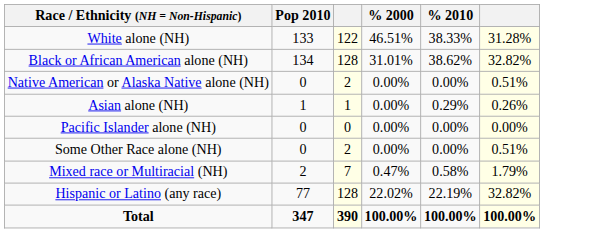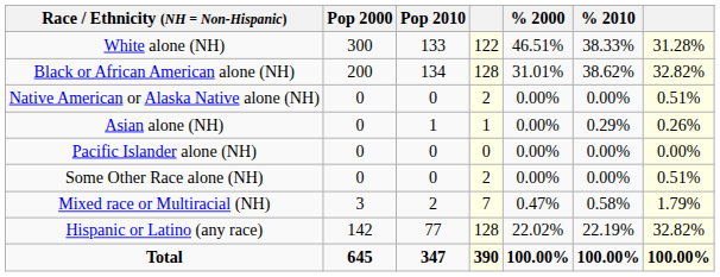 <table class="wikitable" style="text-align:center;">
 <tr>
 <th>Race / Ethnicity <small>(<em>NH = Non-Hispanic</em>)</small></th>
+<th>Pop 2000</th>
 <th>Pop 2010</th>
 <th></th>
 <th>% 2000</th>
 <th>% 2010</th>
 <th></th>
 </tr>
 <tr>
 <td><a href='#'>White</a> alone (NH)</td>
+<td>300</td>
 <td>133</td>
 <td style='background: #ffffe6;'>122</td>
 <td>46.51%</td>
 <td>38.33%</td>
 <td style='background: #ffffe6;'>31.28%</td>
 </tr>
 <tr>
 <td><a href='#'>Black or African American</a> alone (NH)</td>
+<td>200</td>
 <td>134</td>
 <td style='background: #ffffe6;'>128</td>
 <td>31.01%</td>
 <td>38.62%</td>
 <td style='background: #ffffe6;'>32.82%</td>
 </tr>
 <tr>
 <td><a href='#'>Native American</a> or <a href='#'>Alaska Native</a> alone (NH)</td>
 <td>0</td>
+<td>0</td>
 <td style='background: #ffffe6;'>2</td>
 <td>0.00%</td>
 <td>0.00%</td>
 <td style='background: #ffffe6;'>0.51%</td>
 </tr>
 <tr>
 <td><a href='#'>Asian</a> alone (NH)</td>
+<td>0</td>
 <td>1</td>
 <td style='background: #ffffe6;'>1</td>
 <td>0.00%</td>
 <td>0.29%</td>
 <td style='background: #ffffe6;'>0.26%</td>
 </tr>
 <tr>
 <td><a href='#'>Pacific Islander</a> alone (NH)</td>
 <td>0</td>
+<td>0</td>
 <td style='background: #ffffe6;'>0</td>
 <td>0.00%</td>
 <td>0.00%</td>
 <td style='background: #ffffe6;'>0.00%</td>
 </tr>
 <tr>
 <td>Some Other Race alone (NH)</td>
 <td>0</td>
+<td>0</td>
 <td style='background: #ffffe6;'>2</td>
 <td>0.00%</td>
 <td>0.00%</td>
 <td style='background: #ffffe6;'>0.51%</td>
 </tr>
 <tr>
 <td><a href='#'>Mixed race or Multiracial</a> (NH)</td>
+<td>3</td>
 <td>2</td>
 <td style='background: #ffffe6;'>7</td>
 <td>0.47%</td>
 <td>0.58%</td>
 <td style='background: #ffffe6;'>1.79%</td>
 </tr>
 <tr>
 <td><a href='#'>Hispanic or Latino</a> (any race)</td>
+<td>142</td>
 <td>77</td>
 <td style='background: #ffffe6;'>128</td>
 <td>22.02%</td>
 <td>22.19%</td>
 <td style='background: #ffffe6;'>32.82%</td>
 </tr>
 <tr>
 <td><strong>Total</strong></td>
+<td><strong>645</strong></td>
 <td><strong>347</strong></td>
 <td style='background: #ffffe6;'><strong>390</strong></td>
 <td><strong>100.00%</strong></td>
 <td><strong>100.00%</strong></td>
 <td style='background: #ffffe6;'><strong>100.00%</strong></td>
 </tr>
 </table>
